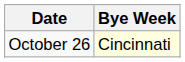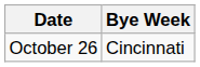 <table class="wikitable" style="font-size:95%;">
 <tr>
 <th>Date</th>
 <th colspan="3">Bye Week</th>
 </tr>
 <tr>
 <td>October 26</td>
-<td style="background: lightyellow;">Cincinnati</td>
+<td>Cincinnati</td>
 </tr>
 </table>
